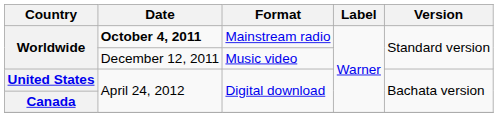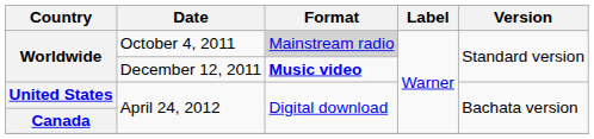 <table class="wikitable plainrowheaders">
 <tr>
 <th scope="col">Country</th>
 <th scope="col">Date</th>
 <th scope="col">Format</th>
 <th scope="col">Label</th>
 <th scope="col">Version</th>
 </tr>
 <tr>
 <th scope="row" rowspan="2">Worldwide</th>
-<td rowspan=""><strong>October 4, 2011</strong></td>
-<td rowspan=""><a href='#'>Mainstream radio</a></td>
+<td rowspan="">October 4, 2011</td>
+<td rowspan="" style="background: lightgrey;"><a href='#'>Mainstream radio</a></td>
 <td rowspan="4"><a href='#'>Warner</a></td>
 <td rowspan="2">Standard version</td>
 </tr>
 <tr>
 <td rowspan="">December 12, 2011</td>
-<td rowspan=""><a href='#'>Music video</a></td>
+<td rowspan=""><strong><a href='#'>Music video</a></strong></td>
 </tr>
 <tr>
 <th scope="row"><a href='#'>United States</a></th>
 <td rowspan="2">April 24, 2012</td>
 <td rowspan="2"><a href='#'>Digital download</a></td>
 <td rowspan="2">Bachata version</td>
 </tr>
 <tr>
 <th scope="row"><a href='#'>Canada</a></th>
 </tr>
 <tr>
 </tr>
 </table>
